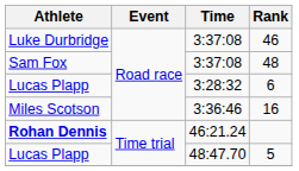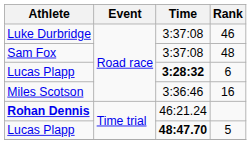 <table class=wikitable style=font-size:90%;text-align:center>
 <tr>
 <th>Athlete</th>
 <th>Event</th>
 <th>Time</th>
 <th>Rank</th>
 </tr>
 <tr>
 <td align=left><a href='#'>Luke Durbridge</a></td>
 <td align=left rowspan=4><a href='#'>Road race</a></td>
 <td>3:37:08</td>
 <td>46</td>
 </tr>
 <tr>
 <td align=left><a href='#'>Sam Fox</a></td>
 <td>3:37:08</td>
 <td>48</td>
 </tr>
 <tr>
 <td align=left><a href='#'>Lucas Plapp</a></td>
-<td>3:28:32</td>
+<td><strong>3:28:32</strong></td>
 <td>6</td>
 </tr>
 <tr>
 <td align=left><a href='#'>Miles Scotson</a></td>
 <td>3:36:46</td>
 <td>16</td>
 </tr>
 <tr>
 <td align=left><strong><a href='#'>Rohan Dennis</a></strong></td>
 <td align=left rowspan=2><a href='#'>Time trial</a></td>
 <td>46:21.24</td>
 <td></td>
 </tr>
 <tr>
 <td align=left><a href='#'>Lucas Plapp</a></td>
-<td>48:47.70</td>
+<td><strong>48:47.70</strong></td>
 <td>5</td>
 </tr>
 <tr>
 </tr>
 </table>
